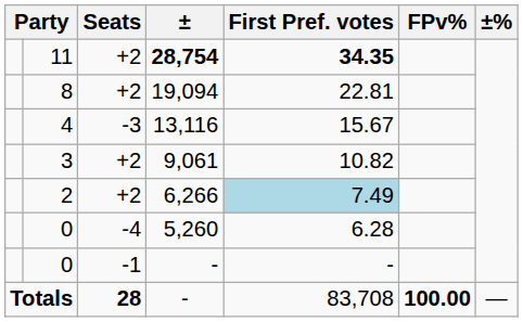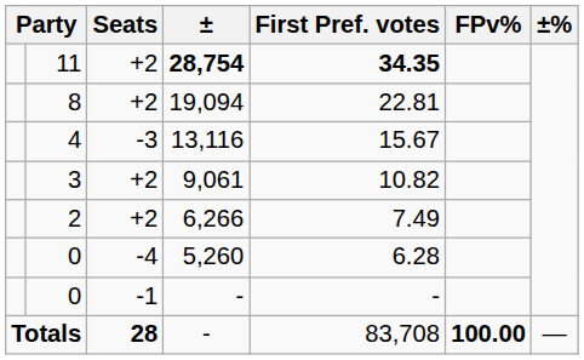 <table class=wikitable>
 <tr>
 <th colspan=2 align=center>Party</th>
 <th valign=top>Seats</th>
 <th valign=top>±</th>
 <th valign=top>First Pref. votes</th>
 <th valign=top>FPv%</th>
 <th valign=top>±%</th>
 </tr>
 <tr>
 <td></td>
 <td align=right>11</td>
 <td align=right>+2</td>
 <td align=right><strong>28,754</strong></td>
 <td align=right><strong>34.35</strong></td>
 <td align=right></td>
 </tr>
 <tr>
 <td></td>
 <td align=right>8</td>
 <td align=right>+2</td>
 <td align=right>19,094</td>
 <td align=right>22.81</td>
 <td align=right></td>
 </tr>
 <tr>
 <td></td>
 <td align=right>4</td>
 <td align=right>-3</td>
 <td align=right>13,116</td>
 <td align=right>15.67</td>
 <td align=right></td>
 </tr>
 <tr>
 <td></td>
 <td align=right>3</td>
 <td align=right>+2</td>
 <td align=right>9,061</td>
 <td align=right>10.82</td>
 <td align=right></td>
 </tr>
 <tr>
 <td></td>
 <td align=right>2</td>
 <td align=right>+2</td>
 <td align=right>6,266</td>
-<td align=right style="background: lightblue;">7.49</td>
+<td align=right>7.49</td>
 <td align=right></td>
 </tr>
 <tr>
 <td></td>
 <td align=right>0</td>
 <td align=right>-4</td>
 <td align=right>5,260</td>
 <td align=right>6.28</td>
 <td align=right></td>
 </tr>
 <tr>
 <td></td>
 <td align=right>0</td>
 <td align=right>-1</td>
 <td align=right>-</td>
 <td align=right>-</td>
 <td align=right></td>
 </tr>
 <tr>
 <td colspan=2 align=center><strong>Totals</strong></td>
 <td align=right><strong>28</strong></td>
 <td align=center>-</td>
 <td align=right>83,708</td>
 <td align=center><strong>100.00</strong></td>
 <td align=center>—</td>
 </tr>
 </table>
